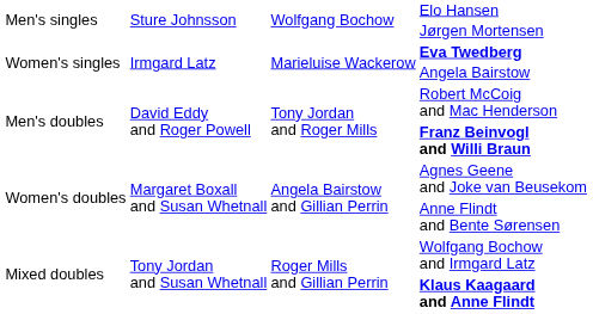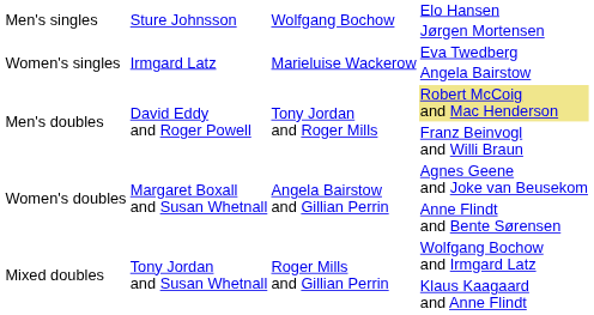 <table>
 <tr>
 <td rowspan=2>Men's singles</td>
 <td rowspan=2> <a href='#'>Sture Johnsson</a></td>
 <td rowspan=2> <a href='#'>Wolfgang Bochow</a></td>
 <td> <a href='#'>Elo Hansen</a></td>
 </tr>
 <tr>
 <td> <a href='#'>Jørgen Mortensen</a></td>
 </tr>
 <tr>
 <td rowspan=2>Women's singles</td>
 <td rowspan=2> <a href='#'>Irmgard Latz</a></td>
 <td rowspan=2> <a href='#'>Marieluise Wackerow</a></td>
-<td><strong> <a href='#'>Eva Twedberg</a></strong></td>
+<td> <a href='#'>Eva Twedberg</a></td>
 </tr>
 <tr>
 <td> <a href='#'>Angela Bairstow</a></td>
 </tr>
 <tr>
 <td rowspan=2>Men's doubles</td>
 <td rowspan=2> <a href='#'>David Eddy</a><br>and <a href='#'>Roger Powell</a></td>
 <td rowspan=2> <a href='#'>Tony Jordan</a><br>and <a href='#'>Roger Mills</a></td>
-<td> <a href='#'>Robert McCoig</a><br>and <a href='#'>Mac Henderson</a></td>
+<td style="background: khaki;"> <a href='#'>Robert McCoig</a><br>and <a href='#'>Mac Henderson</a></td>
 </tr>
 <tr>
-<td><strong> <a href='#'>Franz Beinvogl</a><br>and <a href='#'>Willi Braun</a></strong></td>
+<td> <a href='#'>Franz Beinvogl</a><br>and <a href='#'>Willi Braun</a></td>
 </tr>
 <tr>
 <td rowspan=2>Women's doubles</td>
 <td rowspan=2> <a href='#'>Margaret Boxall</a><br>and <a href='#'>Susan Whetnall</a></td>
 <td rowspan=2> <a href='#'>Angela Bairstow</a><br>and <a href='#'>Gillian Perrin</a></td>
 <td> <a href='#'>Agnes Geene</a><br>and <a href='#'>Joke van Beusekom</a></td>
 </tr>
 <tr>
 <td> <a href='#'>Anne Flindt</a><br>and <a href='#'>Bente Sørensen</a></td>
 </tr>
 <tr>
 <td rowspan=2>Mixed doubles</td>
 <td rowspan=2> <a href='#'>Tony Jordan</a><br>and <a href='#'>Susan Whetnall</a></td>
 <td rowspan=2> <a href='#'>Roger Mills</a><br>and <a href='#'>Gillian Perrin</a></td>
 <td> <a href='#'>Wolfgang Bochow</a><br>and <a href='#'>Irmgard Latz</a></td>
 </tr>
 <tr>
-<td><strong> <a href='#'>Klaus Kaagaard</a><br>and <a href='#'>Anne Flindt</a></strong></td>
+<td> <a href='#'>Klaus Kaagaard</a><br>and <a href='#'>Anne Flindt</a></td>
 </tr>
 </table>
